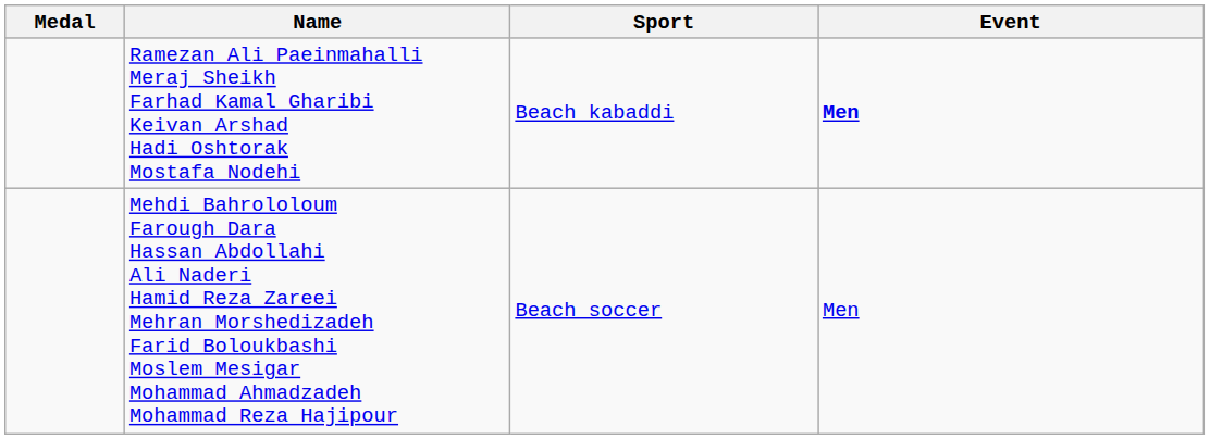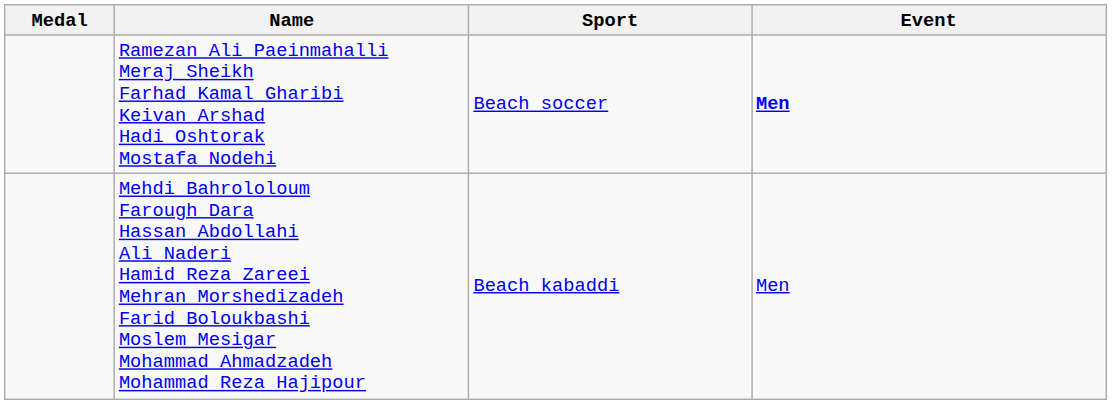 <table class="wikitable sortable" style="text-align:left;">
 <tr>
 <th width="70">Medal</th>
 <th width="240">Name</th>
 <th width="190">Sport</th>
 <th width="240">Event</th>
 </tr>
 <tr>
 <td></td>
 <td><a href='#'>Ramezan Ali Paeinmahalli</a><br><a href='#'>Meraj Sheikh</a><br><a href='#'>Farhad Kamal Gharibi</a><br><a href='#'>Keivan Arshad</a><br><a href='#'>Hadi Oshtorak</a><br><a href='#'>Mostafa Nodehi</a></td>
-<td><a href='#'>Beach kabaddi</a></td>
+<td><a href='#'>Beach soccer</a></td>
 <td><strong><a href='#'>Men</a></strong></td>
 </tr>
 <tr>
 <td></td>
 <td><a href='#'>Mehdi Bahrololoum</a><br><a href='#'>Farough Dara</a><br><a href='#'>Hassan Abdollahi</a><br><a href='#'>Ali Naderi</a><br><a href='#'>Hamid Reza Zareei</a><br><a href='#'>Mehran Morshedizadeh</a><br><a href='#'>Farid Boloukbashi</a><br><a href='#'>Moslem Mesigar</a><br><a href='#'>Mohammad Ahmadzadeh</a><br><a href='#'>Mohammad Reza Hajipour</a></td>
-<td><a href='#'>Beach soccer</a></td>
+<td><a href='#'>Beach kabaddi</a></td>
 <td><a href='#'>Men</a></td>
 </tr>
 </table>
